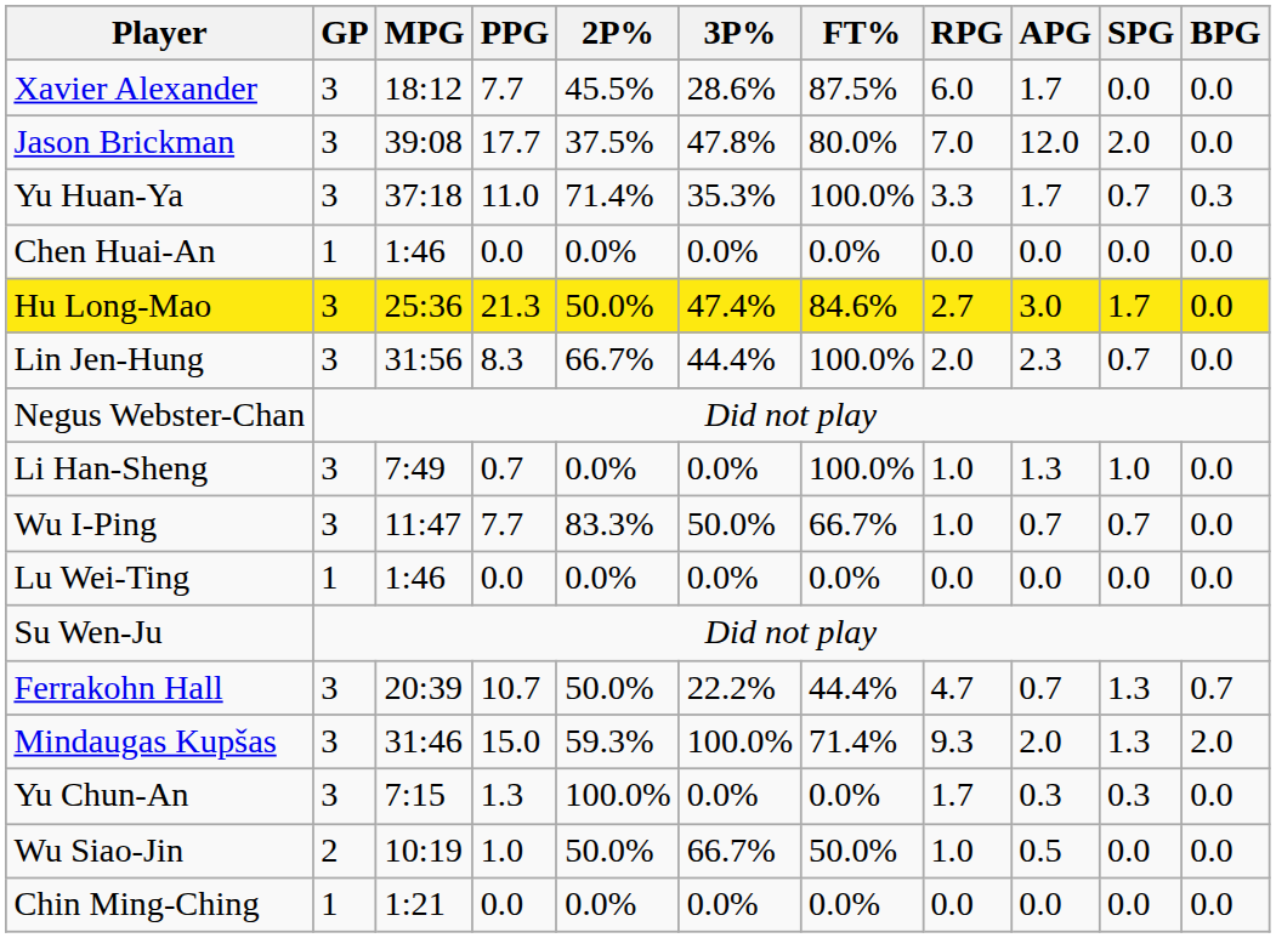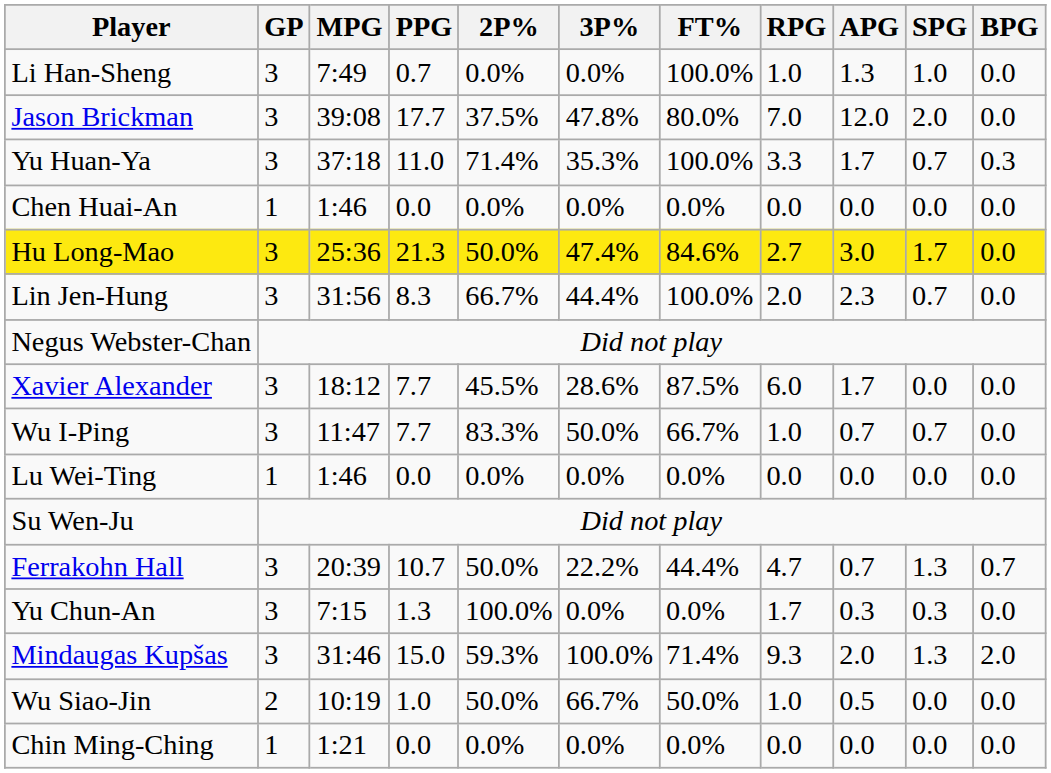 <table class="wikitable">
 <tr>
 <th>Player</th>
 <th>GP</th>
 <th>MPG</th>
 <th>PPG</th>
 <th>2P%</th>
 <th>3P%</th>
 <th>FT%</th>
 <th>RPG</th>
 <th>APG</th>
 <th>SPG</th>
 <th>BPG</th>
 </tr>
 <tr>
-<td><a href='#'>Xavier Alexander</a></td>
+<td>Li Han-Sheng</td>
 <td>3</td>
-<td>18:12</td>
-<td>7.7</td>
-<td>45.5%</td>
-<td>28.6%</td>
-<td>87.5%</td>
-<td>6.0</td>
-<td>1.7</td>
-<td>0.0</td>
+<td>7:49</td>
+<td>0.7</td>
+<td>0.0%</td>
+<td>0.0%</td>
+<td>100.0%</td>
+<td>1.0</td>
+<td>1.3</td>
+<td>1.0</td>
 <td>0.0</td>
 </tr>
 <tr>
 <td><a href='#'>Jason Brickman</a></td>
 <td>3</td>
 <td>39:08</td>
 <td>17.7</td>
 <td>37.5%</td>
 <td>47.8%</td>
 <td>80.0%</td>
 <td>7.0</td>
 <td>12.0</td>
 <td>2.0</td>
 <td>0.0</td>
 </tr>
 <tr>
 <td>Yu Huan-Ya</td>
 <td>3</td>
 <td>37:18</td>
 <td>11.0</td>
 <td>71.4%</td>
 <td>35.3%</td>
 <td>100.0%</td>
 <td>3.3</td>
 <td>1.7</td>
 <td>0.7</td>
 <td>0.3</td>
 </tr>
 <tr>
 <td>Chen Huai-An</td>
 <td>1</td>
 <td>1:46</td>
 <td>0.0</td>
 <td>0.0%</td>
 <td>0.0%</td>
 <td>0.0%</td>
 <td>0.0</td>
 <td>0.0</td>
 <td>0.0</td>
 <td>0.0</td>
 </tr>
 <tr style="background:#FDE910;">
 <td>Hu Long-Mao</td>
 <td>3</td>
 <td>25:36</td>
 <td>21.3</td>
 <td>50.0%</td>
 <td>47.4%</td>
 <td>84.6%</td>
 <td>2.7</td>
 <td>3.0</td>
 <td>1.7</td>
 <td>0.0</td>
 </tr>
 <tr>
 <td>Lin Jen-Hung</td>
 <td>3</td>
 <td>31:56</td>
 <td>8.3</td>
 <td>66.7%</td>
 <td>44.4%</td>
 <td>100.0%</td>
 <td>2.0</td>
 <td>2.3</td>
 <td>0.7</td>
 <td>0.0</td>
 </tr>
 <tr>
 <td>Negus Webster-Chan</td>
 <td colspan=10 align=center><em>Did not play</em></td>
 </tr>
 <tr>
-<td>Li Han-Sheng</td>
+<td><a href='#'>Xavier Alexander</a></td>
 <td>3</td>
-<td>7:49</td>
-<td>0.7</td>
-<td>0.0%</td>
-<td>0.0%</td>
-<td>100.0%</td>
-<td>1.0</td>
-<td>1.3</td>
-<td>1.0</td>
+<td>18:12</td>
+<td>7.7</td>
+<td>45.5%</td>
+<td>28.6%</td>
+<td>87.5%</td>
+<td>6.0</td>
+<td>1.7</td>
+<td>0.0</td>
 <td>0.0</td>
 </tr>
 <tr>
 <td>Wu I-Ping</td>
 <td>3</td>
 <td>11:47</td>
 <td>7.7</td>
 <td>83.3%</td>
 <td>50.0%</td>
 <td>66.7%</td>
 <td>1.0</td>
 <td>0.7</td>
 <td>0.7</td>
 <td>0.0</td>
 </tr>
 <tr>
 <td>Lu Wei-Ting</td>
 <td>1</td>
 <td>1:46</td>
 <td>0.0</td>
 <td>0.0%</td>
 <td>0.0%</td>
 <td>0.0%</td>
 <td>0.0</td>
 <td>0.0</td>
 <td>0.0</td>
 <td>0.0</td>
 </tr>
 <tr>
 <td>Su Wen-Ju</td>
 <td colspan=10 align=center><em>Did not play</em></td>
 </tr>
 <tr>
 <td><a href='#'>Ferrakohn Hall</a></td>
 <td>3</td>
 <td>20:39</td>
 <td>10.7</td>
 <td>50.0%</td>
 <td>22.2%</td>
 <td>44.4%</td>
 <td>4.7</td>
 <td>0.7</td>
 <td>1.3</td>
 <td>0.7</td>
 </tr>
 <tr>
+<td>Yu Chun-An</td>
+<td>3</td>
+<td>7:15</td>
+<td>1.3</td>
+<td>100.0%</td>
+<td>0.0%</td>
+<td>0.0%</td>
+<td>1.7</td>
+<td>0.3</td>
+<td>0.3</td>
+<td>0.0</td>
+</tr>
+<tr>
 <td><a href='#'>Mindaugas Kupšas</a></td>
 <td>3</td>
 <td>31:46</td>
 <td>15.0</td>
 <td>59.3%</td>
 <td>100.0%</td>
 <td>71.4%</td>
 <td>9.3</td>
 <td>2.0</td>
 <td>1.3</td>
 <td>2.0</td>
-</tr>
-<tr>
-<td>Yu Chun-An</td>
-<td>3</td>
-<td>7:15</td>
-<td>1.3</td>
-<td>100.0%</td>
-<td>0.0%</td>
-<td>0.0%</td>
-<td>1.7</td>
-<td>0.3</td>
-<td>0.3</td>
-<td>0.0</td>
 </tr>
 <tr>
 <td>Wu Siao-Jin</td>
 <td>2</td>
 <td>10:19</td>
 <td>1.0</td>
 <td>50.0%</td>
 <td>66.7%</td>
 <td>50.0%</td>
 <td>1.0</td>
 <td>0.5</td>
 <td>0.0</td>
 <td>0.0</td>
 </tr>
 <tr>
 <td>Chin Ming-Ching</td>
 <td>1</td>
 <td>1:21</td>
 <td>0.0</td>
 <td>0.0%</td>
 <td>0.0%</td>
 <td>0.0%</td>
 <td>0.0</td>
 <td>0.0</td>
 <td>0.0</td>
 <td>0.0</td>
 </tr>
 </table>
